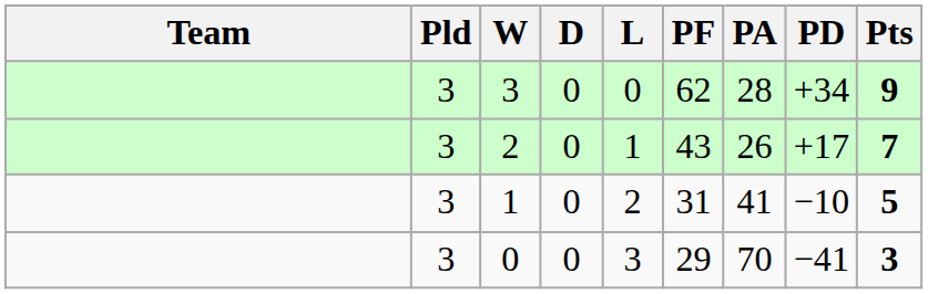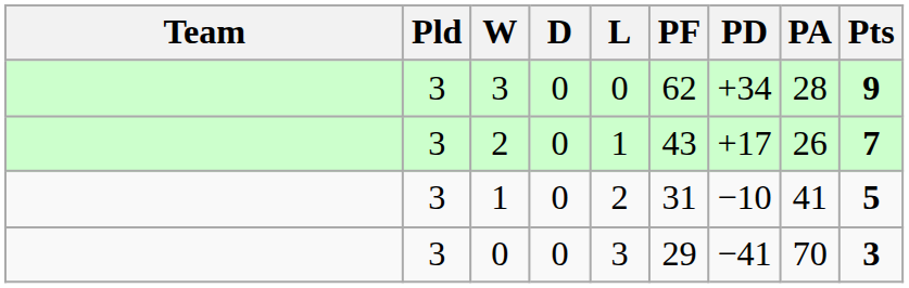 <table class="wikitable" style="text-align:center;">
 <tr>
 <th width=175>Team</th>
 <th width=20 abbr="Played">Pld</th>
 <th width=20 abbr="Won">W</th>
 <th width=20 abbr="Drawn">D</th>
 <th width=20 abbr="Lost">L</th>
 <th width=20 abbr="Points for">PF</th>
+<th width=25 abbr="Points difference">PD</th>
 <th width=20 abbr="Points against">PA</th>
-<th width=25 abbr="Points difference">PD</th>
 <th width=20 abbr="Points">Pts</th>
 </tr>
 <tr bgcolor=ccffcc>
 <td align=left></td>
 <td>3</td>
 <td>3</td>
 <td>0</td>
 <td>0</td>
 <td>62</td>
+<td>+34</td>
 <td>28</td>
-<td>+34</td>
 <td><strong>9</strong></td>
 </tr>
 <tr bgcolor=ccffcc>
 <td align=left></td>
 <td>3</td>
 <td>2</td>
 <td>0</td>
 <td>1</td>
 <td>43</td>
+<td>+17</td>
 <td>26</td>
-<td>+17</td>
 <td><strong>7</strong></td>
 </tr>
 <tr>
 <td align=left></td>
 <td>3</td>
 <td>1</td>
 <td>0</td>
 <td>2</td>
 <td>31</td>
+<td>−10</td>
 <td>41</td>
-<td>−10</td>
 <td><strong>5</strong></td>
 </tr>
 <tr>
 <td align=left></td>
 <td>3</td>
 <td>0</td>
 <td>0</td>
 <td>3</td>
 <td>29</td>
+<td>−41</td>
 <td>70</td>
-<td>−41</td>
 <td><strong>3</strong></td>
 </tr>
 </table>
